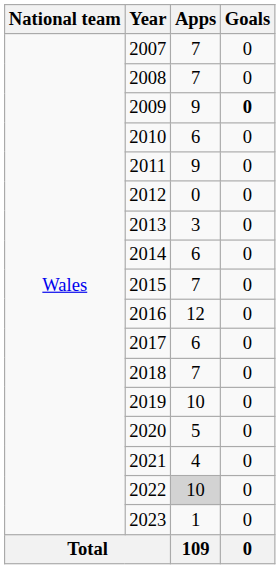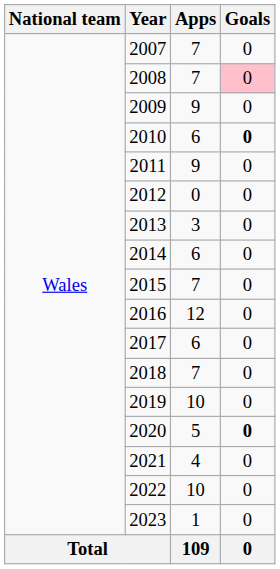 <table class="wikitable" style="text-align: center">
 <tr>
 <th>National team</th>
 <th>Year</th>
 <th>Apps</th>
 <th>Goals</th>
 </tr>
 <tr>
 <td rowspan=17><a href='#'>Wales</a></td>
 <td>2007</td>
 <td>7</td>
 <td>0</td>
 </tr>
 <tr>
 <td>2008</td>
 <td>7</td>
-<td>0</td>
+<td style="background: pink;">0</td>
 </tr>
 <tr>
 <td>2009</td>
 <td>9</td>
-<td><strong>0</strong></td>
+<td>0</td>
 </tr>
 <tr>
 <td>2010</td>
 <td>6</td>
-<td>0</td>
+<td><strong>0</strong></td>
 </tr>
 <tr>
 <td>2011</td>
 <td>9</td>
 <td>0</td>
 </tr>
 <tr>
 <td>2012</td>
 <td>0</td>
 <td>0</td>
 </tr>
 <tr>
 <td>2013</td>
 <td>3</td>
 <td>0</td>
 </tr>
 <tr>
 <td>2014</td>
 <td>6</td>
 <td>0</td>
 </tr>
 <tr>
 <td>2015</td>
 <td>7</td>
 <td>0</td>
 </tr>
 <tr>
 <td>2016</td>
 <td>12</td>
 <td>0</td>
 </tr>
 <tr>
 <td>2017</td>
 <td>6</td>
 <td>0</td>
 </tr>
 <tr>
 <td>2018</td>
 <td>7</td>
 <td>0</td>
 </tr>
 <tr>
 <td>2019</td>
 <td>10</td>
 <td>0</td>
 </tr>
 <tr>
 <td>2020</td>
 <td>5</td>
-<td>0</td>
+<td><strong>0</strong></td>
 </tr>
 <tr>
 <td>2021</td>
 <td>4</td>
 <td>0</td>
 </tr>
 <tr>
 <td>2022</td>
-<td style="background: lightgrey;">10</td>
+<td>10</td>
 <td>0</td>
 </tr>
 <tr>
 <td>2023</td>
 <td>1</td>
 <td>0</td>
 </tr>
 <tr>
 <th colspan=2>Total</th>
 <th>109</th>
 <th>0</th>
 </tr>
 </table>
